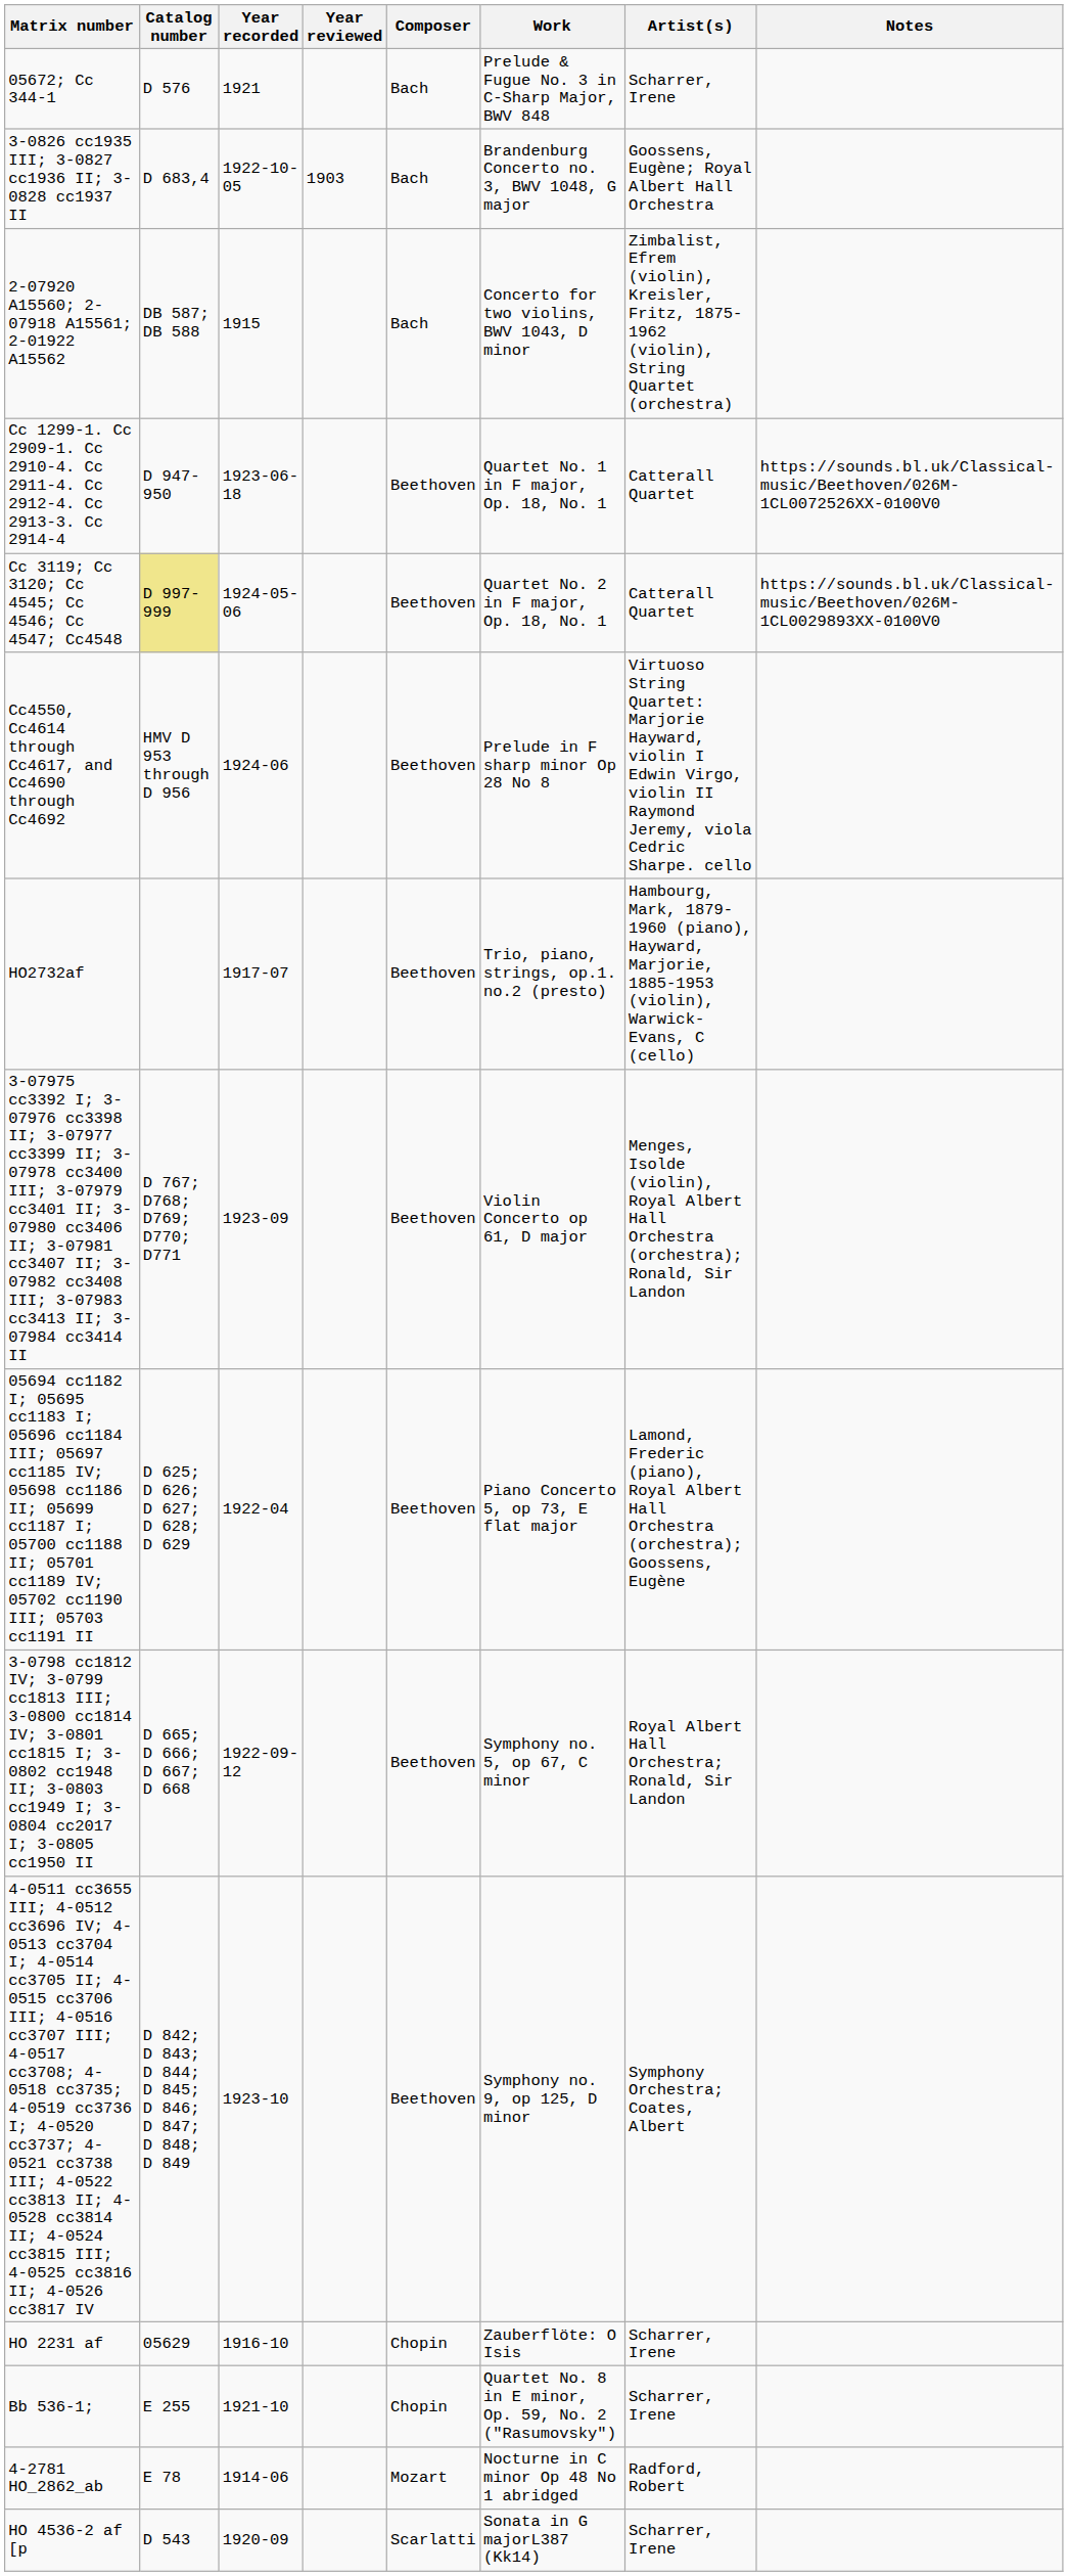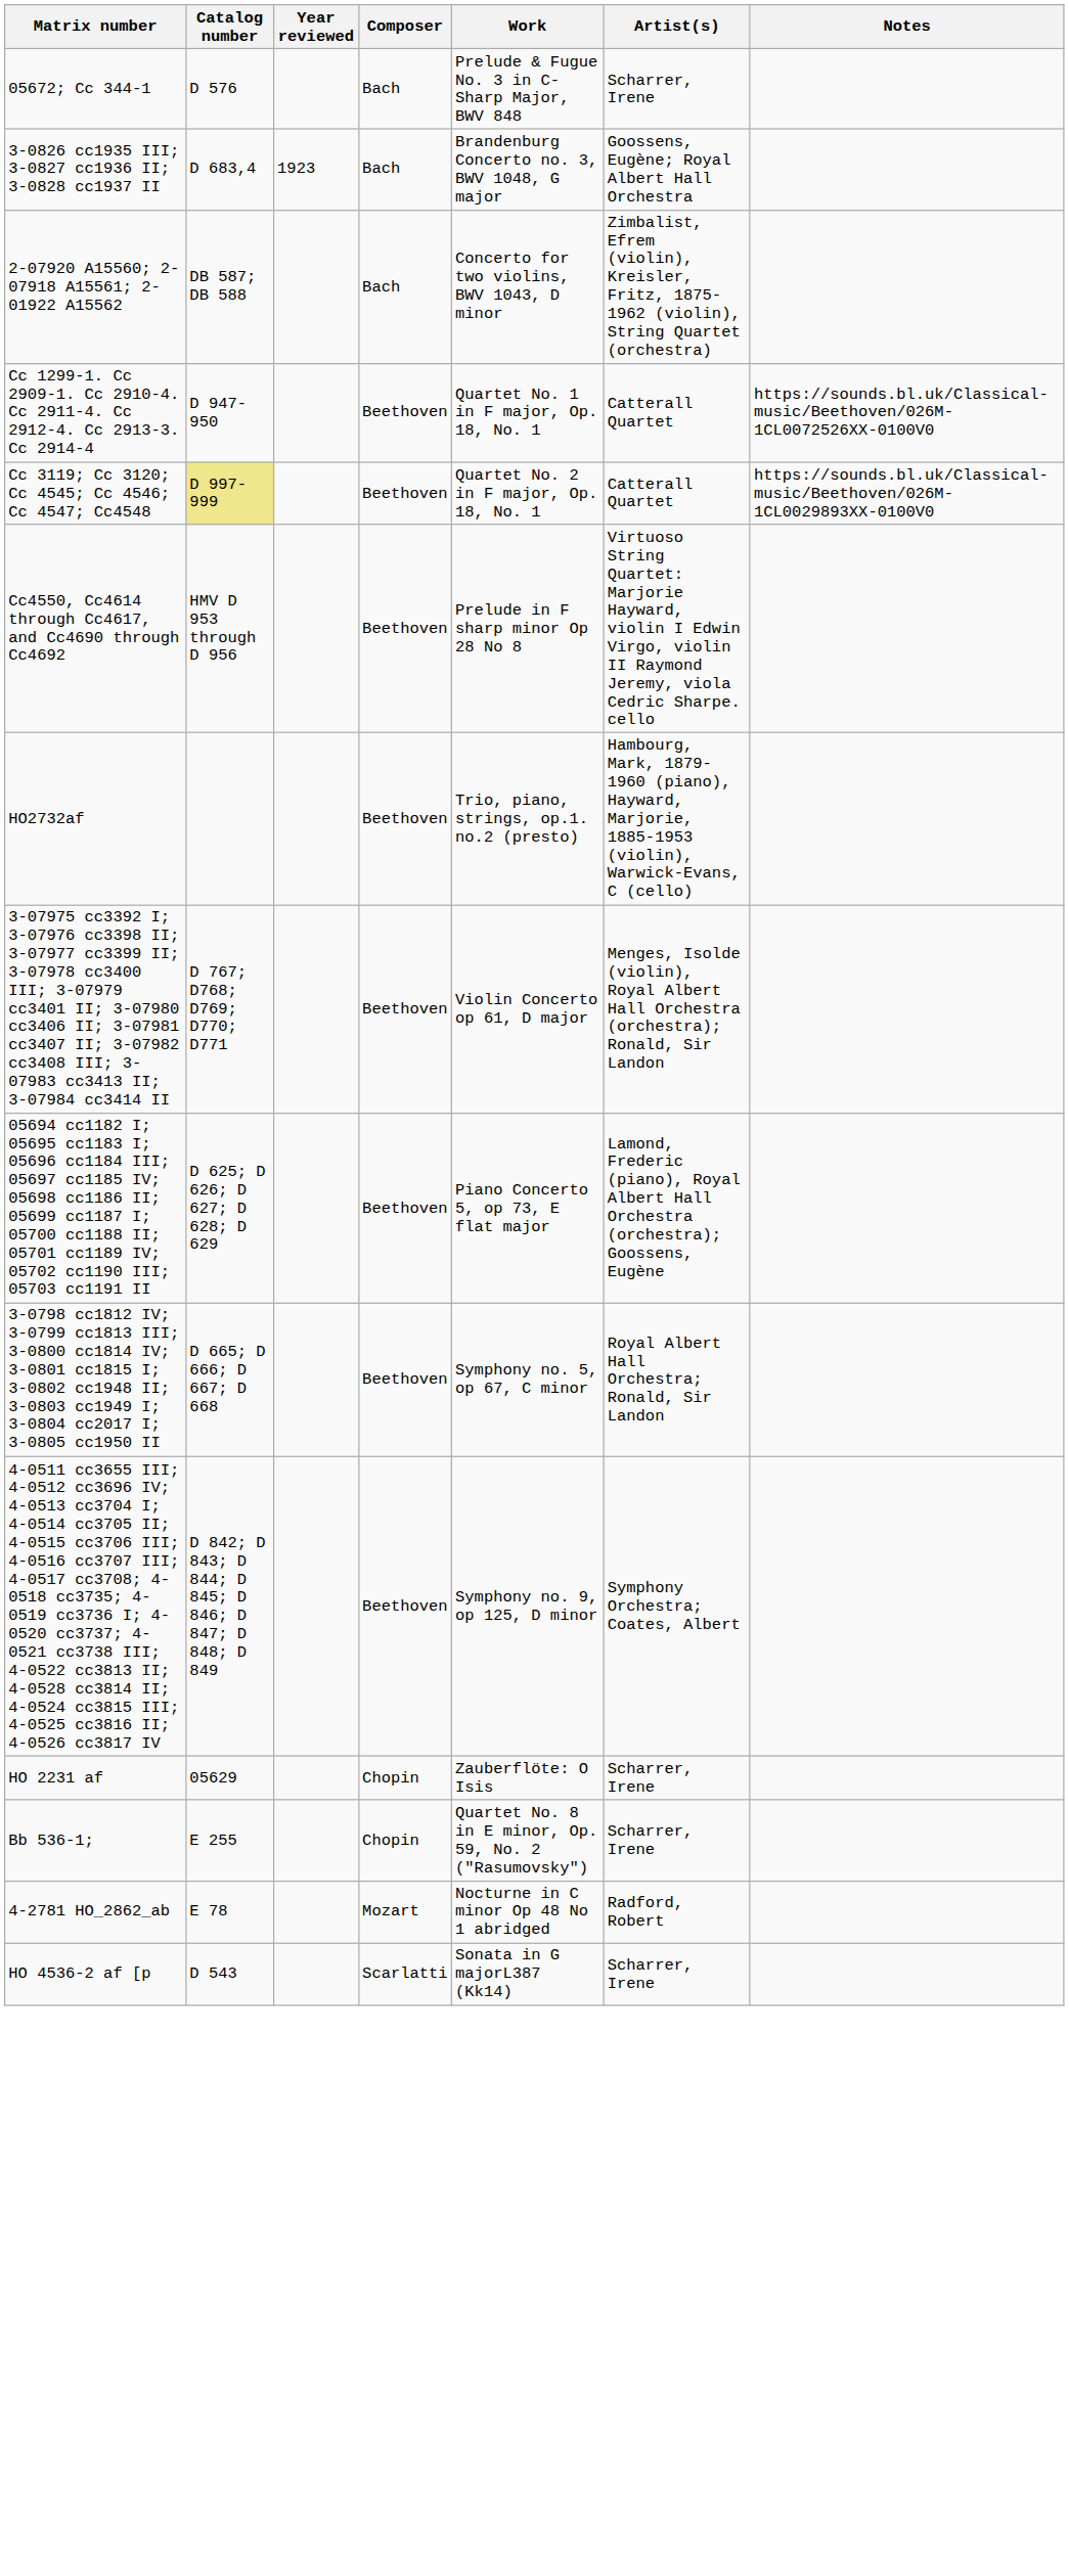 <table class="wikitable sortable">
 <tr>
 <th>Matrix number</th>
 <th>Catalog number</th>
-<th>Year recorded</th>
 <th>Year reviewed</th>
 <th>Composer</th>
 <th>Work</th>
 <th>Artist(s)</th>
 <th>Notes</th>
 </tr>
 <tr>
 <td>05672; Cc 344-1</td>
 <td>D 576</td>
-<td>1921</td>
 <td></td>
 <td>Bach</td>
 <td>Prelude & Fugue No. 3 in C-Sharp Major, BWV 848</td>
 <td>Scharrer, Irene</td>
 <td> </td>
 </tr>
 <tr>
 <td>3-0826 cc1935 III; 3-0827 cc1936 II; 3-0828 cc1937 II</td>
 <td>D 683,4</td>
-<td>1922-10-05</td>
-<td>1903</td>
+<td>1923</td>
 <td>Bach</td>
 <td>Brandenburg Concerto no. 3, BWV 1048, G major</td>
 <td>Goossens, Eugène; Royal Albert Hall Orchestra</td>
 <td></td>
 </tr>
 <tr>
 <td>2-07920 A15560; 2-07918 A15561; 2-01922 A15562</td>
 <td>DB 587; DB 588</td>
-<td>1915</td>
 <td></td>
 <td>Bach</td>
 <td>Concerto for two violins, BWV 1043, D minor</td>
 <td>Zimbalist, Efrem (violin), Kreisler, Fritz, 1875-1962 (violin), String Quartet (orchestra)</td>
 <td></td>
 </tr>
 <tr>
 <td>Cc 1299-1. Cc 2909-1. Cc 2910-4. Cc 2911-4. Cc 2912-4. Cc 2913-3. Cc 2914-4</td>
 <td>D 947-950</td>
-<td>1923-06-18</td>
 <td></td>
 <td>Beethoven</td>
 <td>Quartet No. 1 in F major, Op. 18, No. 1</td>
 <td>Catterall Quartet</td>
 <td>https://sounds.bl.uk/Classical-music/Beethoven/026M-1CL0072526XX-0100V0</td>
 </tr>
 <tr>
 <td>Cc 3119; Cc 3120; Cc 4545; Cc 4546; Cc 4547; Cc4548</td>
 <td style="background: khaki;">D 997-999</td>
-<td>1924-05-06</td>
 <td></td>
 <td>Beethoven</td>
 <td>Quartet No. 2 in F major, Op. 18, No. 1</td>
 <td>Catterall Quartet</td>
 <td>https://sounds.bl.uk/Classical-music/Beethoven/026M-1CL0029893XX-0100V0</td>
 </tr>
 <tr>
 <td>Cc4550, Cc4614 through Cc4617, and Cc4690 through Cc4692</td>
 <td>HMV D 953 through D 956</td>
-<td>1924-06</td>
 <td></td>
 <td>Beethoven</td>
 <td>Prelude in F sharp minor Op 28 No 8</td>
 <td>Virtuoso String Quartet:<br>Marjorie Hayward, violin I Edwin Virgo, violin II Raymond Jeremy, viola Cedric Sharpe. cello</td>
 <td></td>
 </tr>
 <tr>
 <td>HO2732af</td>
 <td></td>
-<td>1917-07</td>
 <td></td>
 <td>Beethoven</td>
 <td>Trio, piano, strings, op.1. no.2 (presto)</td>
 <td>Hambourg, Mark, 1879-1960 (piano), Hayward, Marjorie, 1885-1953 (violin), Warwick-Evans, C (cello)</td>
 <td></td>
 </tr>
 <tr>
 <td>3-07975 cc3392 I; 3-07976 cc3398 II; 3-07977 cc3399 II; 3-07978 cc3400 III; 3-07979 cc3401 II; 3-07980 cc3406 II; 3-07981 cc3407 II; 3-07982 cc3408 III; 3-07983 cc3413 II; 3-07984 cc3414 II</td>
 <td>D 767; D768; D769; D770; D771</td>
-<td>1923-09</td>
 <td></td>
 <td>Beethoven</td>
 <td>Violin Concerto op 61, D major</td>
 <td>Menges, Isolde (violin), Royal Albert Hall Orchestra (orchestra); Ronald, Sir Landon</td>
 <td></td>
 </tr>
 <tr>
 <td>05694 cc1182 I; 05695 cc1183 I; 05696 cc1184 III; 05697 cc1185 IV; 05698 cc1186 II; 05699 cc1187 I; 05700 cc1188 II; 05701 cc1189 IV; 05702 cc1190 III; 05703 cc1191 II</td>
 <td>D 625; D 626; D 627; D 628; D 629</td>
-<td>1922-04</td>
 <td></td>
 <td>Beethoven</td>
 <td>Piano Concerto 5, op 73, E flat major</td>
 <td>Lamond, Frederic (piano), Royal Albert Hall Orchestra (orchestra); Goossens, Eugène</td>
 <td></td>
 </tr>
 <tr>
 <td>3-0798 cc1812 IV; 3-0799 cc1813 III; 3-0800 cc1814 IV; 3-0801 cc1815 I; 3-0802 cc1948 II; 3-0803 cc1949 I; 3-0804 cc2017 I; 3-0805 cc1950 II</td>
 <td>D 665; D 666; D 667; D 668</td>
-<td>1922-09-12</td>
 <td></td>
 <td>Beethoven</td>
 <td>Symphony no. 5, op 67, C minor</td>
 <td>Royal Albert Hall Orchestra; Ronald, Sir Landon</td>
 <td></td>
 </tr>
 <tr>
 <td>4-0511 cc3655 III; 4-0512 cc3696 IV; 4-0513 cc3704 I; 4-0514 cc3705 II; 4-0515 cc3706 III; 4-0516 cc3707 III; 4-0517 cc3708; 4-0518 cc3735; 4-0519 cc3736 I; 4-0520 cc3737; 4-0521 cc3738 III; 4-0522 cc3813 II; 4-0528 cc3814 II; 4-0524 cc3815 III; 4-0525 cc3816 II; 4-0526 cc3817 IV</td>
 <td>D 842; D 843; D 844; D 845; D 846; D 847; D 848; D 849</td>
-<td>1923-10</td>
 <td></td>
 <td>Beethoven</td>
 <td>Symphony no. 9, op 125, D minor</td>
 <td>Symphony Orchestra; Coates, Albert</td>
 <td></td>
 </tr>
 <tr>
 <td>HO 2231 af</td>
 <td>05629</td>
-<td>1916-10</td>
 <td></td>
 <td>Chopin</td>
 <td>Zauberflöte: O Isis</td>
 <td>Scharrer, Irene</td>
 <td></td>
 </tr>
 <tr>
 <td>Bb 536-1;</td>
 <td>E 255</td>
-<td>1921-10</td>
 <td></td>
 <td>Chopin</td>
 <td>Quartet No. 8 in E minor, Op. 59, No. 2 ("Rasumovsky")</td>
 <td>Scharrer, Irene</td>
 <td></td>
 </tr>
 <tr>
 <td>4-2781 HO_2862_ab</td>
 <td>E 78</td>
-<td>1914-06</td>
 <td></td>
 <td>Mozart</td>
 <td>Nocturne in C minor Op 48 No 1 abridged</td>
 <td>Radford, Robert</td>
 <td></td>
 </tr>
 <tr>
 <td>HO 4536-2 af [p</td>
 <td>D 543</td>
-<td>1920-09</td>
 <td></td>
 <td>Scarlatti</td>
 <td>Sonata in G majorL387 (Kk14)</td>
 <td>Scharrer, Irene</td>
 <td></td>
 </tr>
 </table>
